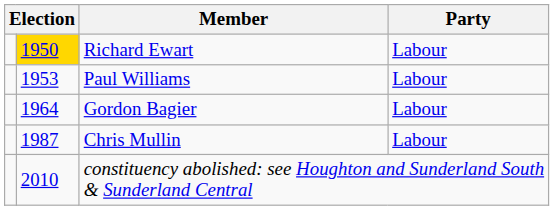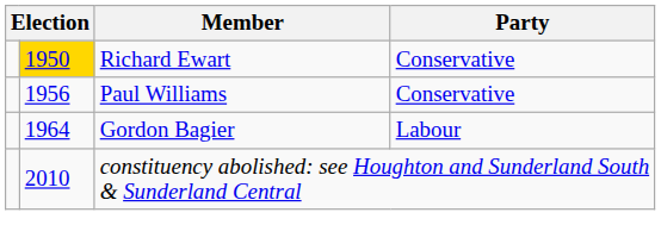 <table class="wikitable">
 <tr>
 <th colspan="2">Election</th>
 <th>Member</th>
 <th>Party</th>
 </tr>
 <tr>
 <td style="color:inherit;background-color: "></td>
 <td style="background: gold;"><a href='#'>1950</a></td>
 <td><a href='#'>Richard Ewart</a></td>
-<td><a href='#'>Labour</a></td>
+<td><a href='#'>Conservative</a></td>
 </tr>
 <tr>
 <td style="color:inherit;background-color: "></td>
-<td><a href='#'>1953</a></td>
+<td><a href='#'>1956</a></td>
 <td><a href='#'>Paul Williams</a></td>
-<td><a href='#'>Labour</a></td>
+<td><a href='#'>Conservative</a></td>
 </tr>
 <tr>
 <td style="color:inherit;background-color: "></td>
 <td><a href='#'>1964</a></td>
 <td><a href='#'>Gordon Bagier</a></td>
 <td><a href='#'>Labour</a></td>
 </tr>
 <tr>
-<td style="color:inherit;background-color: "></td>
-<td><a href='#'>1987</a></td>
-<td><a href='#'>Chris Mullin</a></td>
-<td><a href='#'>Labour</a></td>
-</tr>
-<tr>
 <td></td>
 <td><a href='#'>2010</a></td>
 <td colspan="2"><em>constituency abolished: see <a href='#'>Houghton and Sunderland South</a><br>& <a href='#'>Sunderland Central</a></em></td>
 </tr>
 </table>
